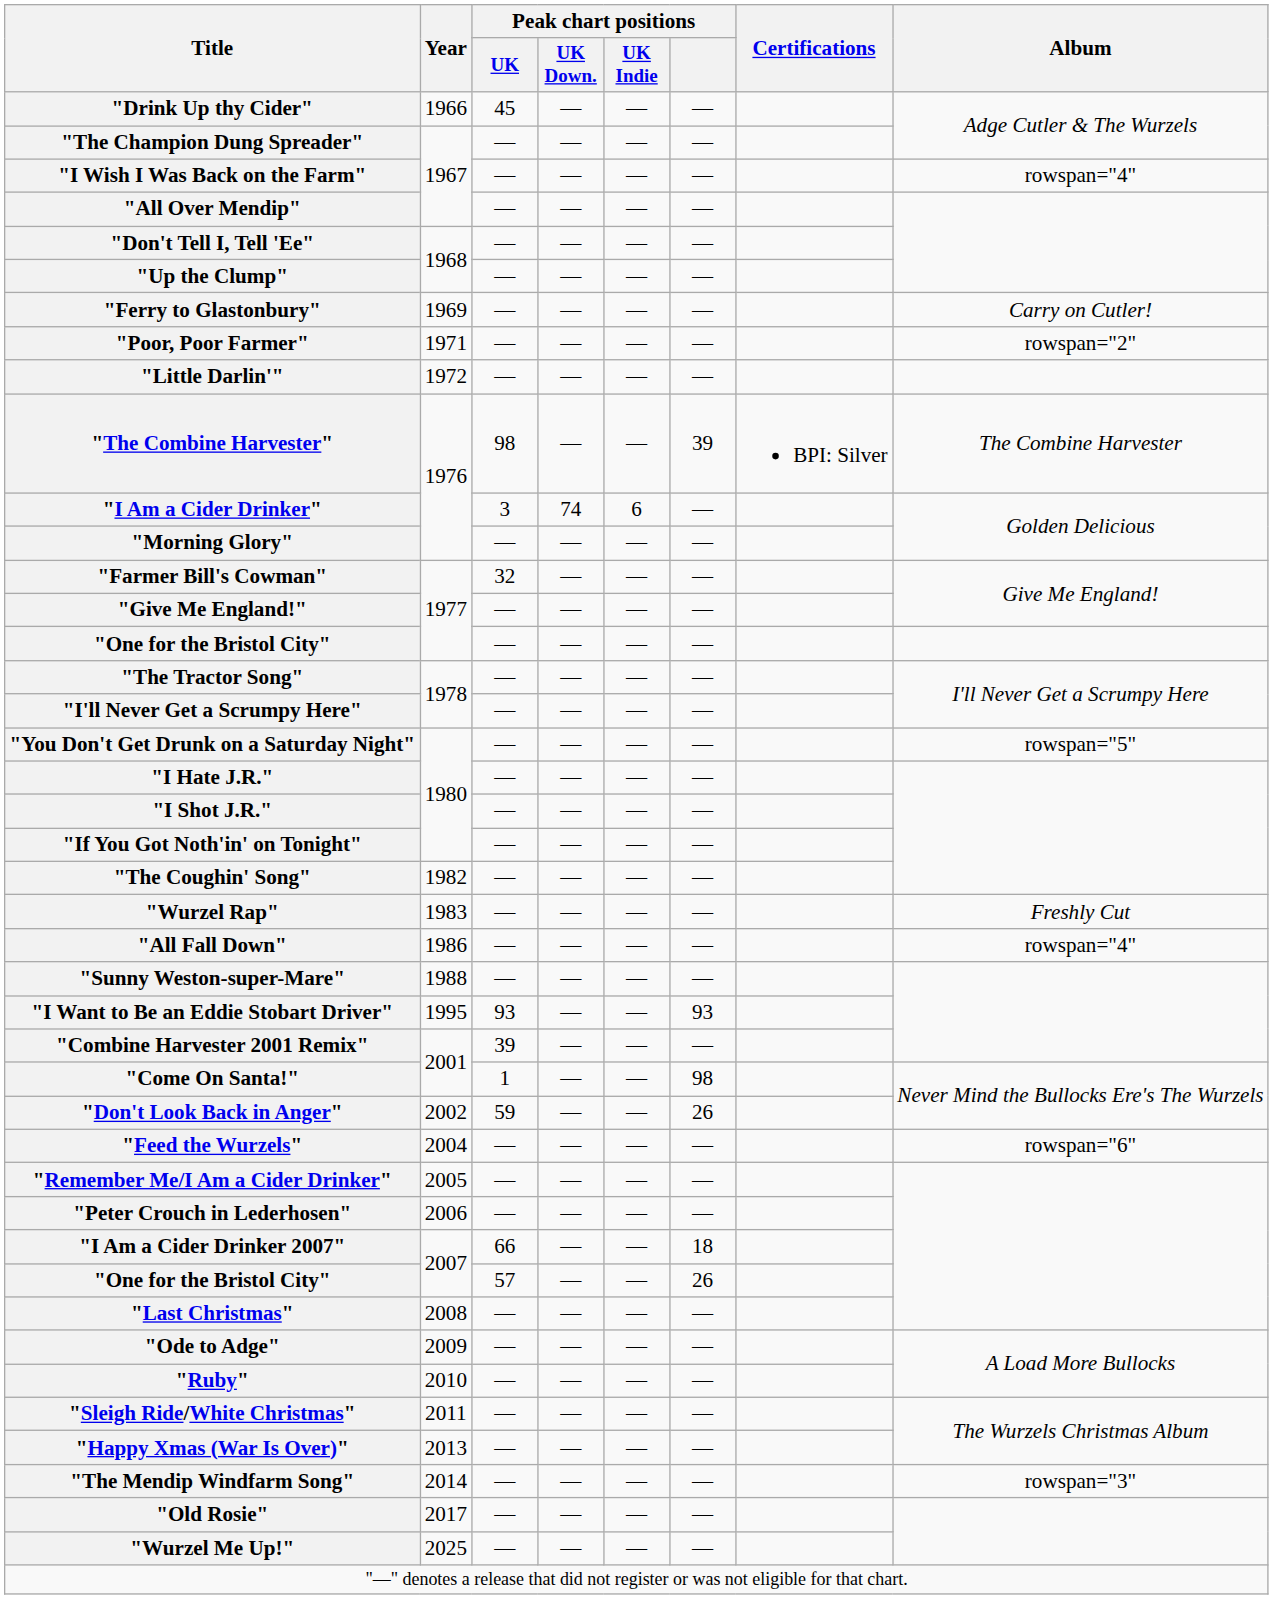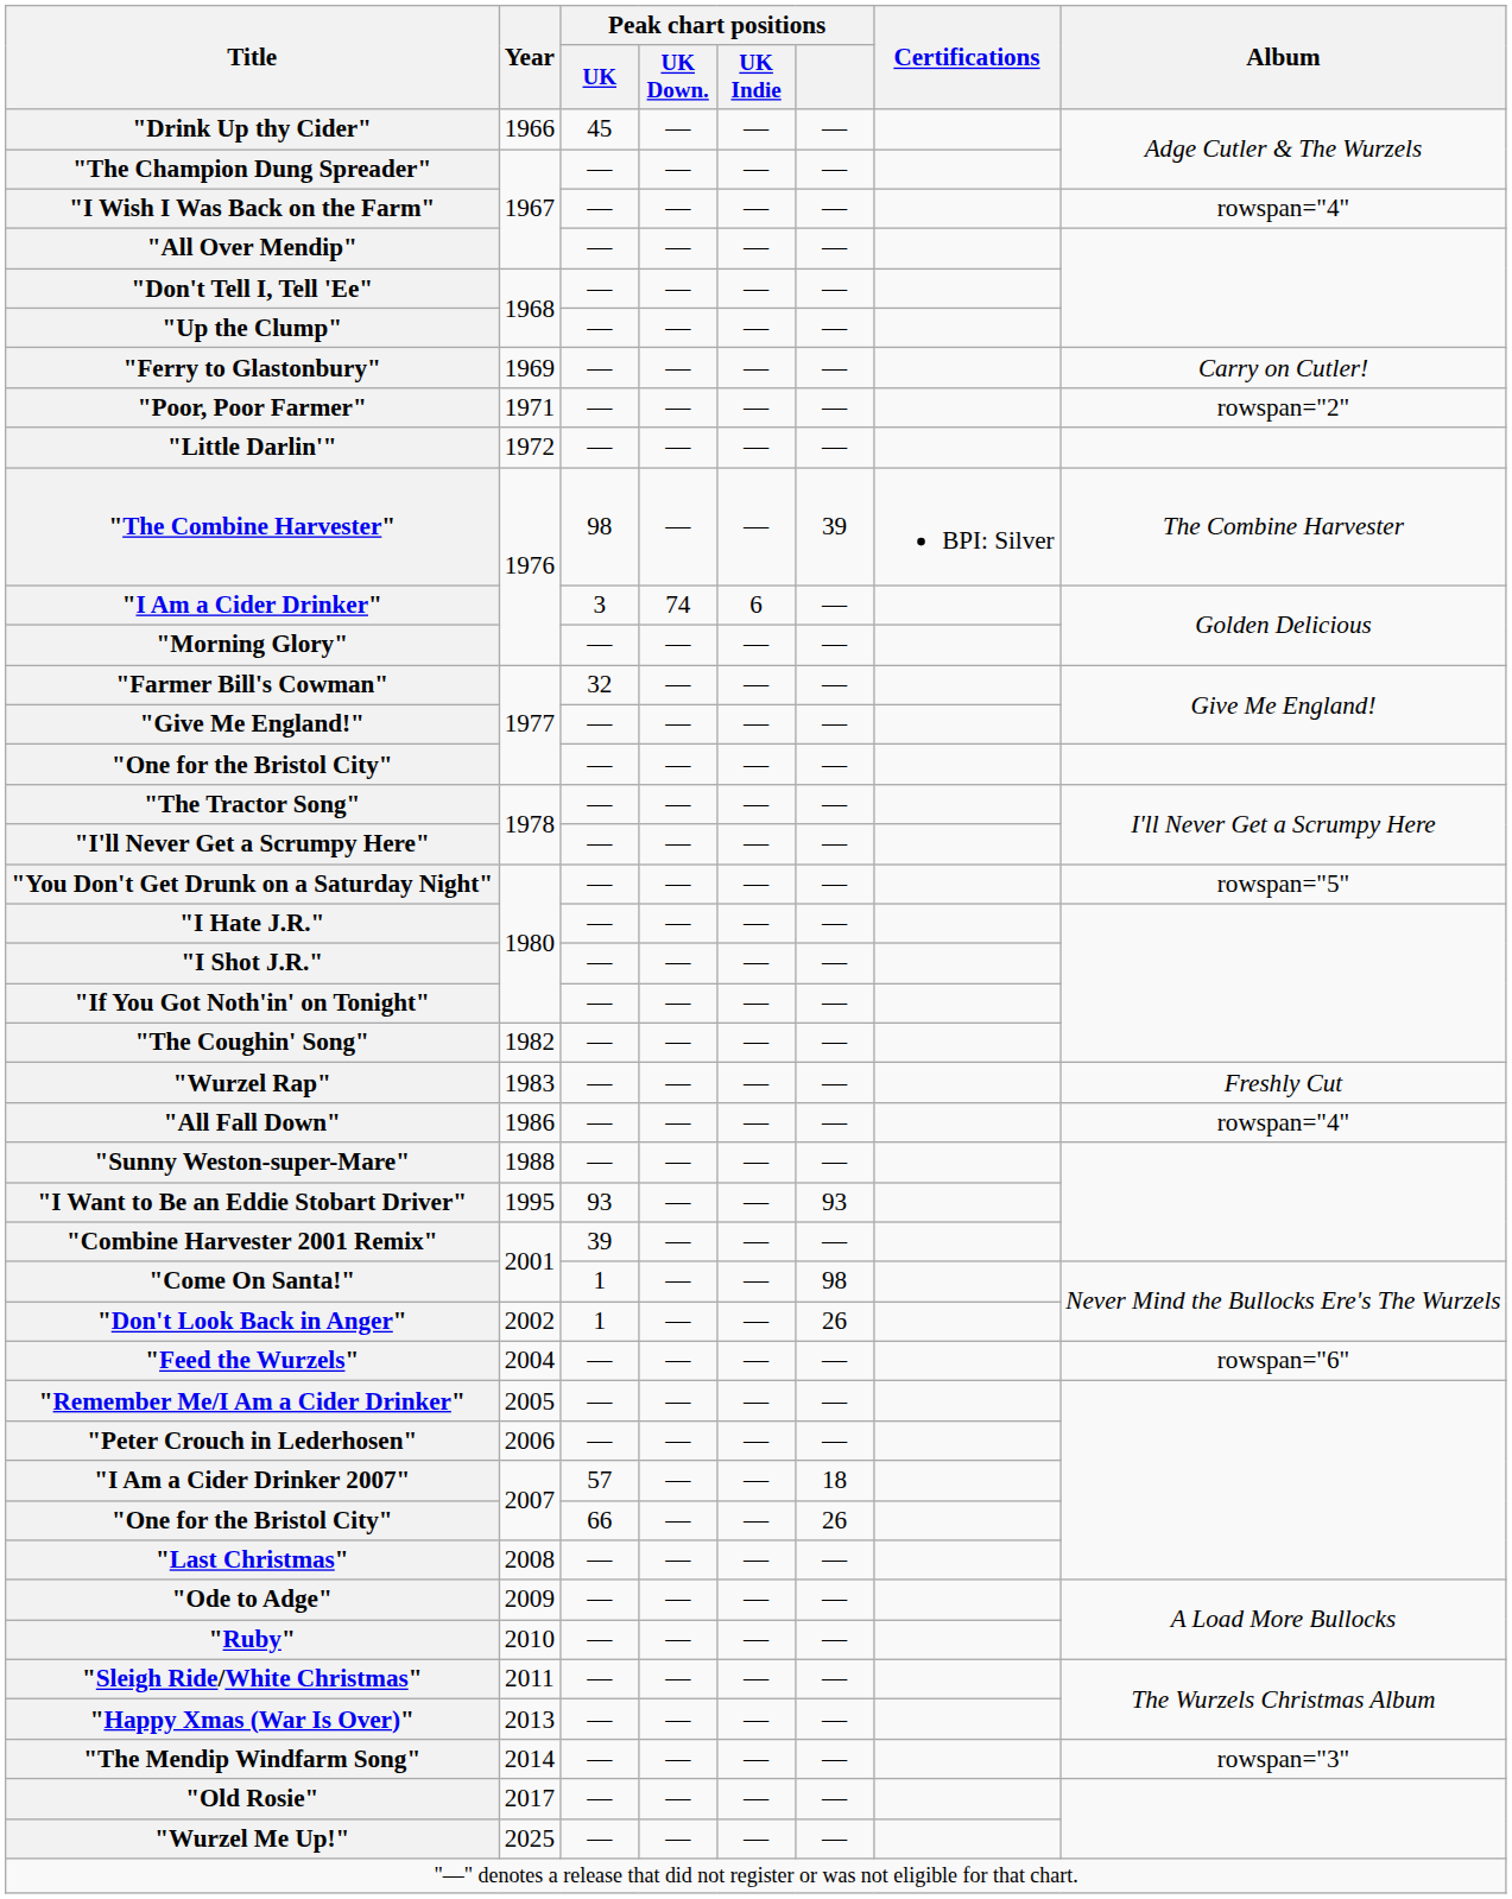 <table class="wikitable plainrowheaders" style="text-align:center;">
 <tr>
 <th scope="col" rowspan="2">Title</th>
 <th scope="col" rowspan="2">Year</th>
 <th scope="col" colspan="4">Peak chart positions</th>
 <th scope="col" rowspan="2"><a href='#'>Certifications</a></th>
 <th scope="col" rowspan="2">Album</th>
 </tr>
 <tr>
 <th scope="col" style="width:3em;font-size:90%;"><a href='#'>UK</a><br></th>
 <th scope="col" style="width:3em;font-size:90%;"><a href='#'>UK<br>Down.</a><br></th>
 <th scope="col" style="width:3em;font-size:90%;"><a href='#'>UK<br>Indie</a><br></th>
 <th scope="col" style="width:3em;font-size:90%;"><br></th>
 </tr>
 <tr>
 <th scope="row">"Drink Up thy Cider"</th>
 <td>1966</td>
 <td>45</td>
 <td>—</td>
 <td>—</td>
 <td>—</td>
 <td></td>
 <td rowspan="2"><em>Adge Cutler & The Wurzels</em></td>
 </tr>
 <tr>
 <th scope="row">"The Champion Dung Spreader"</th>
 <td rowspan="3">1967</td>
 <td>—</td>
 <td>—</td>
 <td>—</td>
 <td>—</td>
 <td></td>
 </tr>
 <tr>
 <th scope="row">"I Wish I Was Back on the Farm"</th>
 <td>—</td>
 <td>—</td>
 <td>—</td>
 <td>—</td>
 <td></td>
 <td>rowspan="4" </td>
 </tr>
 <tr>
 <th scope="row">"All Over Mendip"</th>
 <td>—</td>
 <td>—</td>
 <td>—</td>
 <td>—</td>
 <td></td>
 </tr>
 <tr>
 <th scope="row">"Don't Tell I, Tell 'Ee"</th>
 <td rowspan="2">1968</td>
 <td>—</td>
 <td>—</td>
 <td>—</td>
 <td>—</td>
 <td></td>
 </tr>
 <tr>
 <th scope="row">"Up the Clump"</th>
 <td>—</td>
 <td>—</td>
 <td>—</td>
 <td>—</td>
 <td></td>
 </tr>
 <tr>
 <th scope="row">"Ferry to Glastonbury"</th>
 <td>1969</td>
 <td>—</td>
 <td>—</td>
 <td>—</td>
 <td>—</td>
 <td></td>
 <td><em>Carry on Cutler!</em></td>
 </tr>
 <tr>
 <th scope="row">"Poor, Poor Farmer"</th>
 <td>1971</td>
 <td>—</td>
 <td>—</td>
 <td>—</td>
 <td>—</td>
 <td></td>
 <td>rowspan="2" </td>
 </tr>
 <tr>
 <th scope="row">"Little Darlin'"</th>
 <td>1972</td>
 <td>—</td>
 <td>—</td>
 <td>—</td>
 <td>—</td>
 <td></td>
 </tr>
 <tr>
 <th scope="row">"<a href='#'>The Combine Harvester</a>"</th>
 <td rowspan="3">1976</td>
 <td>98</td>
 <td>—</td>
 <td>—</td>
 <td>39</td>
 <td><br><ul><li>BPI: Silver</li></ul></td>
 <td><em>The Combine Harvester</em></td>
 </tr>
 <tr>
 <th scope="row">"<a href='#'>I Am a Cider Drinker</a>"</th>
 <td>3</td>
 <td>74</td>
 <td>6</td>
 <td>—</td>
 <td></td>
 <td rowspan="2"><em>Golden Delicious</em></td>
 </tr>
 <tr>
 <th scope="row">"Morning Glory"</th>
 <td>—</td>
 <td>—</td>
 <td>—</td>
 <td>—</td>
 <td></td>
 </tr>
 <tr>
 <th scope="row">"Farmer Bill's Cowman"</th>
 <td rowspan="3">1977</td>
 <td>32</td>
 <td>—</td>
 <td>—</td>
 <td>—</td>
 <td></td>
 <td rowspan="2"><em>Give Me England!</em></td>
 </tr>
 <tr>
 <th scope="row">"Give Me England!"</th>
 <td>—</td>
 <td>—</td>
 <td>—</td>
 <td>—</td>
 <td></td>
 </tr>
 <tr>
 <th scope="row">"One for the Bristol City"</th>
 <td>—</td>
 <td>—</td>
 <td>—</td>
 <td>—</td>
 <td></td>
 <td></td>
 </tr>
 <tr>
 <th scope="row">"The Tractor Song"</th>
 <td rowspan="2">1978</td>
 <td>—</td>
 <td>—</td>
 <td>—</td>
 <td>—</td>
 <td></td>
 <td rowspan="2"><em>I'll Never Get a Scrumpy Here</em></td>
 </tr>
 <tr>
 <th scope="row">"I'll Never Get a Scrumpy Here"</th>
 <td>—</td>
 <td>—</td>
 <td>—</td>
 <td>—</td>
 <td></td>
 </tr>
 <tr>
 <th scope="row">"You Don't Get Drunk on a Saturday Night"</th>
 <td rowspan="4">1980</td>
 <td>—</td>
 <td>—</td>
 <td>—</td>
 <td>—</td>
 <td></td>
 <td>rowspan="5" </td>
 </tr>
 <tr>
 <th scope="row">"I Hate J.R."</th>
 <td>—</td>
 <td>—</td>
 <td>—</td>
 <td>—</td>
 <td></td>
 </tr>
 <tr>
 <th scope="row">"I Shot J.R."</th>
 <td>—</td>
 <td>—</td>
 <td>—</td>
 <td>—</td>
 <td></td>
 </tr>
 <tr>
 <th scope="row">"If You Got Noth'in' on Tonight"</th>
 <td>—</td>
 <td>—</td>
 <td>—</td>
 <td>—</td>
 <td></td>
 </tr>
 <tr>
 <th scope="row">"The Coughin' Song"</th>
 <td>1982</td>
 <td>—</td>
 <td>—</td>
 <td>—</td>
 <td>—</td>
 <td></td>
 </tr>
 <tr>
 <th scope="row">"Wurzel Rap"</th>
 <td>1983</td>
 <td>—</td>
 <td>—</td>
 <td>—</td>
 <td>—</td>
 <td></td>
 <td><em>Freshly Cut</em></td>
 </tr>
 <tr>
 <th scope="row">"All Fall Down"</th>
 <td>1986</td>
 <td>—</td>
 <td>—</td>
 <td>—</td>
 <td>—</td>
 <td></td>
 <td>rowspan="4" </td>
 </tr>
 <tr>
 <th scope="row">"Sunny Weston-super-Mare"</th>
 <td>1988</td>
 <td>—</td>
 <td>—</td>
 <td>—</td>
 <td>—</td>
 <td></td>
 </tr>
 <tr>
 <th scope="row">"I Want to Be an Eddie Stobart Driver"</th>
 <td>1995</td>
 <td>93</td>
 <td>—</td>
 <td>—</td>
 <td>93</td>
 <td></td>
 </tr>
 <tr>
 <th scope="row">"Combine Harvester 2001 Remix"</th>
 <td rowspan="2">2001</td>
 <td>39</td>
 <td>—</td>
 <td>—</td>
 <td>—</td>
 <td></td>
 </tr>
 <tr>
 <th scope="row">"Come On Santa!"</th>
 <td>1</td>
 <td>—</td>
 <td>—</td>
 <td>98</td>
 <td></td>
 <td rowspan="2"><em>Never Mind the Bullocks Ere's The Wurzels</em></td>
 </tr>
 <tr>
 <th scope="row">"<a href='#'>Don't Look Back in Anger</a>"</th>
 <td>2002</td>
-<td>59</td>
+<td>1</td>
 <td>—</td>
 <td>—</td>
 <td>26</td>
 <td></td>
 </tr>
 <tr>
 <th scope="row">"<a href='#'>Feed the Wurzels</a>"<br></th>
 <td>2004</td>
 <td>—</td>
 <td>—</td>
 <td>—</td>
 <td>—</td>
 <td></td>
 <td>rowspan="6" </td>
 </tr>
 <tr>
 <th scope="row">"<a href='#'>Remember Me/I Am a Cider Drinker</a>"<br></th>
 <td>2005</td>
 <td>—</td>
 <td>—</td>
 <td>—</td>
 <td>—</td>
 <td></td>
 </tr>
 <tr>
 <th scope="row">"Peter Crouch in Lederhosen"<br></th>
 <td>2006</td>
 <td>—</td>
 <td>—</td>
 <td>—</td>
 <td>—</td>
 <td></td>
 </tr>
 <tr>
 <th scope="row">"I Am a Cider Drinker 2007"<br></th>
 <td rowspan="2">2007</td>
-<td>66</td>
+<td>57</td>
 <td>—</td>
 <td>—</td>
 <td>18</td>
 <td></td>
 </tr>
 <tr>
 <th scope="row">"One for the Bristol City" </th>
-<td>57</td>
+<td>66</td>
 <td>—</td>
 <td>—</td>
 <td>26</td>
 <td></td>
 </tr>
 <tr>
 <th scope="row">"<a href='#'>Last Christmas</a>"<br></th>
 <td>2008</td>
 <td>—</td>
 <td>—</td>
 <td>—</td>
 <td>—</td>
 <td></td>
 </tr>
 <tr>
 <th scope="row">"Ode to Adge"</th>
 <td>2009</td>
 <td>—</td>
 <td>—</td>
 <td>—</td>
 <td>—</td>
 <td></td>
 <td rowspan="2"><em>A Load More Bullocks</em></td>
 </tr>
 <tr>
 <th scope="row">"<a href='#'>Ruby</a>"</th>
 <td>2010</td>
 <td>—</td>
 <td>—</td>
 <td>—</td>
 <td>—</td>
 <td></td>
 </tr>
 <tr>
 <th scope="row">"<a href='#'>Sleigh Ride</a>/<a href='#'>White Christmas</a>"</th>
 <td>2011</td>
 <td>—</td>
 <td>—</td>
 <td>—</td>
 <td>—</td>
 <td></td>
 <td rowspan="2"><em>The Wurzels Christmas Album</em></td>
 </tr>
 <tr>
 <th scope="row">"<a href='#'>Happy Xmas (War Is Over)</a>"</th>
 <td>2013</td>
 <td>—</td>
 <td>—</td>
 <td>—</td>
 <td>—</td>
 <td></td>
 </tr>
 <tr>
 <th scope="row">"The Mendip Windfarm Song"</th>
 <td>2014</td>
 <td>—</td>
 <td>—</td>
 <td>—</td>
 <td>—</td>
 <td></td>
 <td>rowspan="3" </td>
 </tr>
 <tr>
 <th scope="row">"Old Rosie"</th>
 <td>2017</td>
 <td>—</td>
 <td>—</td>
 <td>—</td>
 <td>—</td>
 <td></td>
 </tr>
 <tr>
 <th scope="row">"Wurzel Me Up!"</th>
 <td>2025</td>
 <td>—</td>
 <td>—</td>
 <td>—</td>
 <td>—</td>
 <td></td>
 </tr>
 <tr>
 <td colspan="8" align="center" style="font-size:85%">"—" denotes a release that did not register or was not eligible for that chart.</td>
 </tr>
 </table>
